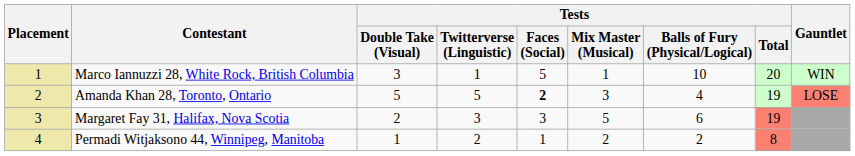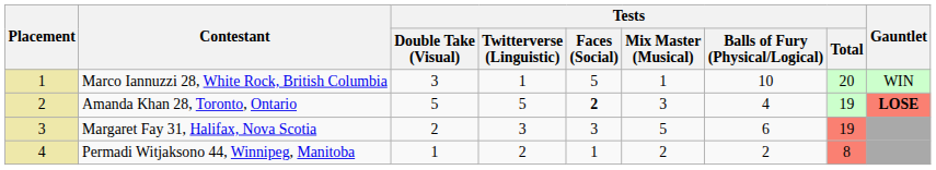 <table class="wikitable" style="text-align:center;">
 <tr>
 <th rowspan="2">Placement</th>
 <th rowspan="2">Contestant</th>
 <th colspan="6">Tests</th>
 <th rowspan="2">Gauntlet</th>
 </tr>
 <tr>
 <th>Double Take<br>(Visual)</th>
 <th>Twitterverse<br>(Linguistic)</th>
 <th>Faces<br>(Social)</th>
 <th>Mix Master<br>(Musical)</th>
 <th>Balls of Fury<br>(Physical/Logical)</th>
 <th>Total</th>
 </tr>
 <tr>
 <td bgcolor="palegoldenrod">1</td>
 <td align="left">Marco Iannuzzi 28, <a href='#'>White Rock, British Columbia</a></td>
 <td>3</td>
 <td>1</td>
 <td>5</td>
 <td>1</td>
 <td>10</td>
 <td bgcolor="#cfc">20</td>
 <td bgcolor="#cfc">WIN</td>
 </tr>
 <tr>
 <td bgcolor="palegoldenrod">2</td>
 <td align="left">Amanda Khan 28, <a href='#'>Toronto</a>, <a href='#'>Ontario</a></td>
 <td>5</td>
 <td>5</td>
 <td><strong>2</strong></td>
 <td>3</td>
 <td>4</td>
 <td bgcolor="#cfc">19</td>
-<td bgcolor="salmon">LOSE</td>
+<td bgcolor="salmon"><strong>LOSE</strong></td>
 </tr>
 <tr>
 <td bgcolor="palegoldenrod">3</td>
 <td align="left">Margaret Fay 31, <a href='#'>Halifax, Nova Scotia</a></td>
 <td>2</td>
 <td>3</td>
 <td>3</td>
 <td>5</td>
 <td>6</td>
 <td bgcolor="salmon">19</td>
 <td bgcolor="darkgrey"></td>
 </tr>
 <tr>
 <td bgcolor="palegoldenrod">4</td>
 <td align="left">Permadi Witjaksono 44, <a href='#'>Winnipeg</a>, <a href='#'>Manitoba</a></td>
 <td>1</td>
 <td>2</td>
 <td>1</td>
 <td>2</td>
 <td>2</td>
 <td bgcolor="salmon">8</td>
 <td bgcolor="darkgrey"></td>
 </tr>
 </table>
